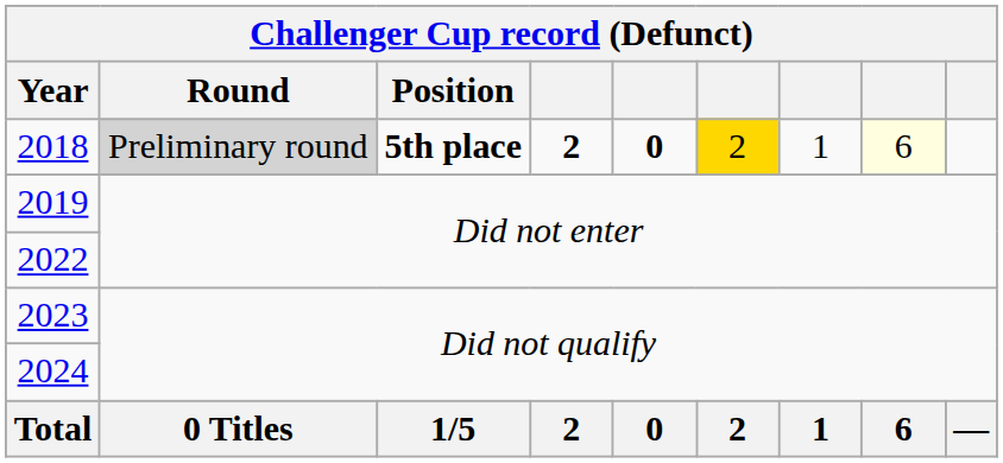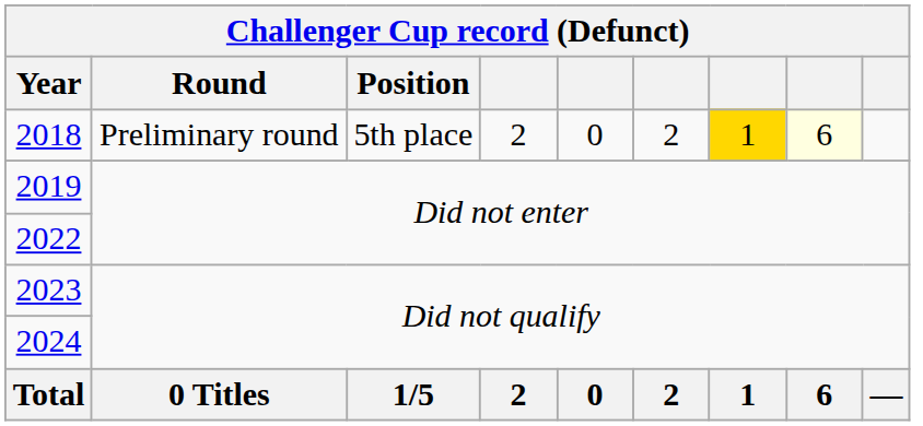 <table class="wikitable collapsible collapsed" style="text-align: center;">
 <tr>
 <th colspan=9><a href='#'>Challenger Cup record</a> (Defunct)</th>
 </tr>
 <tr>
 <th>Year</th>
 <th>Round</th>
 <th>Position</th>
 <th width=30></th>
 <th width=30></th>
 <th width=30></th>
 <th width=30></th>
 <th width=30></th>
 <th></th>
 </tr>
 <tr>
 <td> <a href='#'>2018</a></td>
-<td style="background: lightgrey;">Preliminary round</td>
-<td><strong>5th place</strong></td>
-<td><strong>2</strong></td>
-<td><strong>0</strong></td>
-<td style="background: gold;">2</td>
-<td>1</td>
+<td>Preliminary round</td>
+<td>5th place</td>
+<td>2</td>
+<td>0</td>
+<td>2</td>
+<td style="background: gold;">1</td>
 <td style="background: lightyellow;">6</td>
 <td></td>
 </tr>
 <tr>
 <td> <a href='#'>2019</a></td>
 <td rowspan=2 colspan=8><em>Did not enter</em></td>
 </tr>
 <tr>
 <td> <a href='#'>2022</a></td>
 </tr>
 <tr>
 <td> <a href='#'>2023</a></td>
 <td rowspan=2 colspan=8><em>Did not qualify</em></td>
 </tr>
 <tr>
 <td> <a href='#'>2024</a></td>
 </tr>
 <tr>
 <th>Total</th>
 <th>0 Titles</th>
 <th>1/5</th>
 <th>2</th>
 <th>0</th>
 <th>2</th>
 <th>1</th>
 <th>6</th>
 <th>—</th>
 </tr>
 </table>
